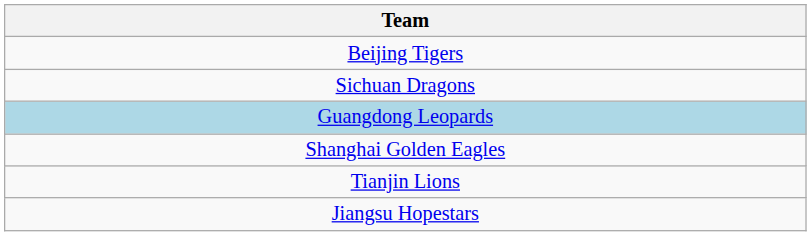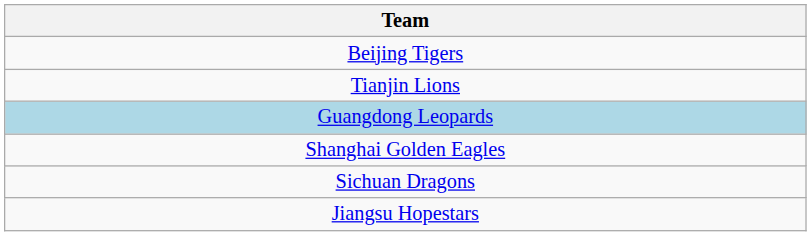 <table class="wikitable" width="50%" style="text-align:center;">
 <tr>
 <th width="20%">Team</th>
 </tr>
 <tr align=center>
 <td><a href='#'>Beijing Tigers</a></td>
 </tr>
 <tr align=center>
-<td><a href='#'>Sichuan Dragons</a></td>
+<td><a href='#'>Tianjin Lions</a></td>
 </tr>
 <tr align=center>
 <td style="background: lightblue;"><a href='#'>Guangdong Leopards</a></td>
 </tr>
 <tr align=center>
 <td><a href='#'>Shanghai Golden Eagles</a></td>
 </tr>
 <tr align=center>
-<td><a href='#'>Tianjin Lions</a></td>
+<td><a href='#'>Sichuan Dragons</a></td>
 </tr>
 <tr align=center>
 <td><a href='#'>Jiangsu Hopestars</a></td>
 </tr>
 </table>
